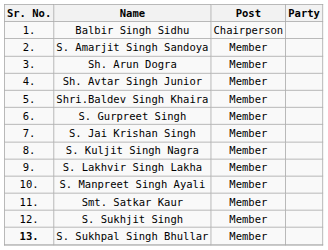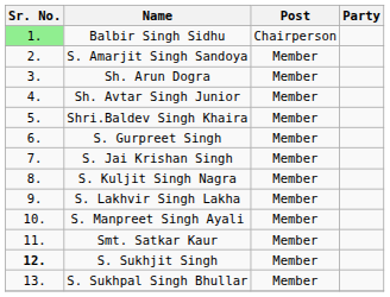 <table class="wikitable sortable">
 <tr>
 <th>Sr. No.</th>
 <th>Name</th>
 <th>Post</th>
 <th colspan="2">Party</th>
 </tr>
 <tr align="center">
-<td>1.</td>
+<td style="background: lightgreen;">1.</td>
 <td>Balbir Singh Sidhu</td>
 <td>Chairperson</td>
 <td></td>
 </tr>
 <tr align="center">
 <td>2.</td>
 <td>S. Amarjit Singh Sandoya</td>
 <td>Member</td>
 <td></td>
 </tr>
 <tr align="center">
 <td>3.</td>
 <td>Sh. Arun Dogra</td>
 <td>Member</td>
 <td></td>
 </tr>
 <tr align="center">
 <td>4.</td>
 <td>Sh. Avtar Singh Junior</td>
 <td>Member</td>
 <td></td>
 </tr>
 <tr align="center">
 <td>5.</td>
 <td>Shri.Baldev Singh Khaira</td>
 <td>Member</td>
 <td></td>
 </tr>
 <tr align="center">
 <td>6.</td>
 <td>S. Gurpreet Singh</td>
 <td>Member</td>
 <td></td>
 </tr>
 <tr align="center">
 <td>7.</td>
 <td>S. Jai Krishan Singh</td>
 <td>Member</td>
 <td></td>
 </tr>
 <tr align="center">
 <td>8.</td>
 <td>S. Kuljit Singh Nagra</td>
 <td>Member</td>
 <td></td>
 </tr>
 <tr align="center">
 <td>9.</td>
 <td>S. Lakhvir Singh Lakha</td>
 <td>Member</td>
 <td></td>
 </tr>
 <tr align="center">
 <td>10.</td>
 <td>S. Manpreet Singh Ayali</td>
 <td>Member</td>
 <td></td>
 </tr>
 <tr align="center">
 <td>11.</td>
 <td>Smt. Satkar Kaur</td>
 <td>Member</td>
 <td></td>
 </tr>
 <tr align="center">
-<td>12.</td>
+<td><strong>12.</strong></td>
 <td>S. Sukhjit Singh</td>
 <td>Member</td>
 <td></td>
 </tr>
 <tr align="center">
-<td><strong>13.</strong></td>
+<td>13.</td>
 <td>S. Sukhpal Singh Bhullar</td>
 <td>Member</td>
 <td></td>
 </tr>
 <tr align="center">
 </tr>
 </table>
